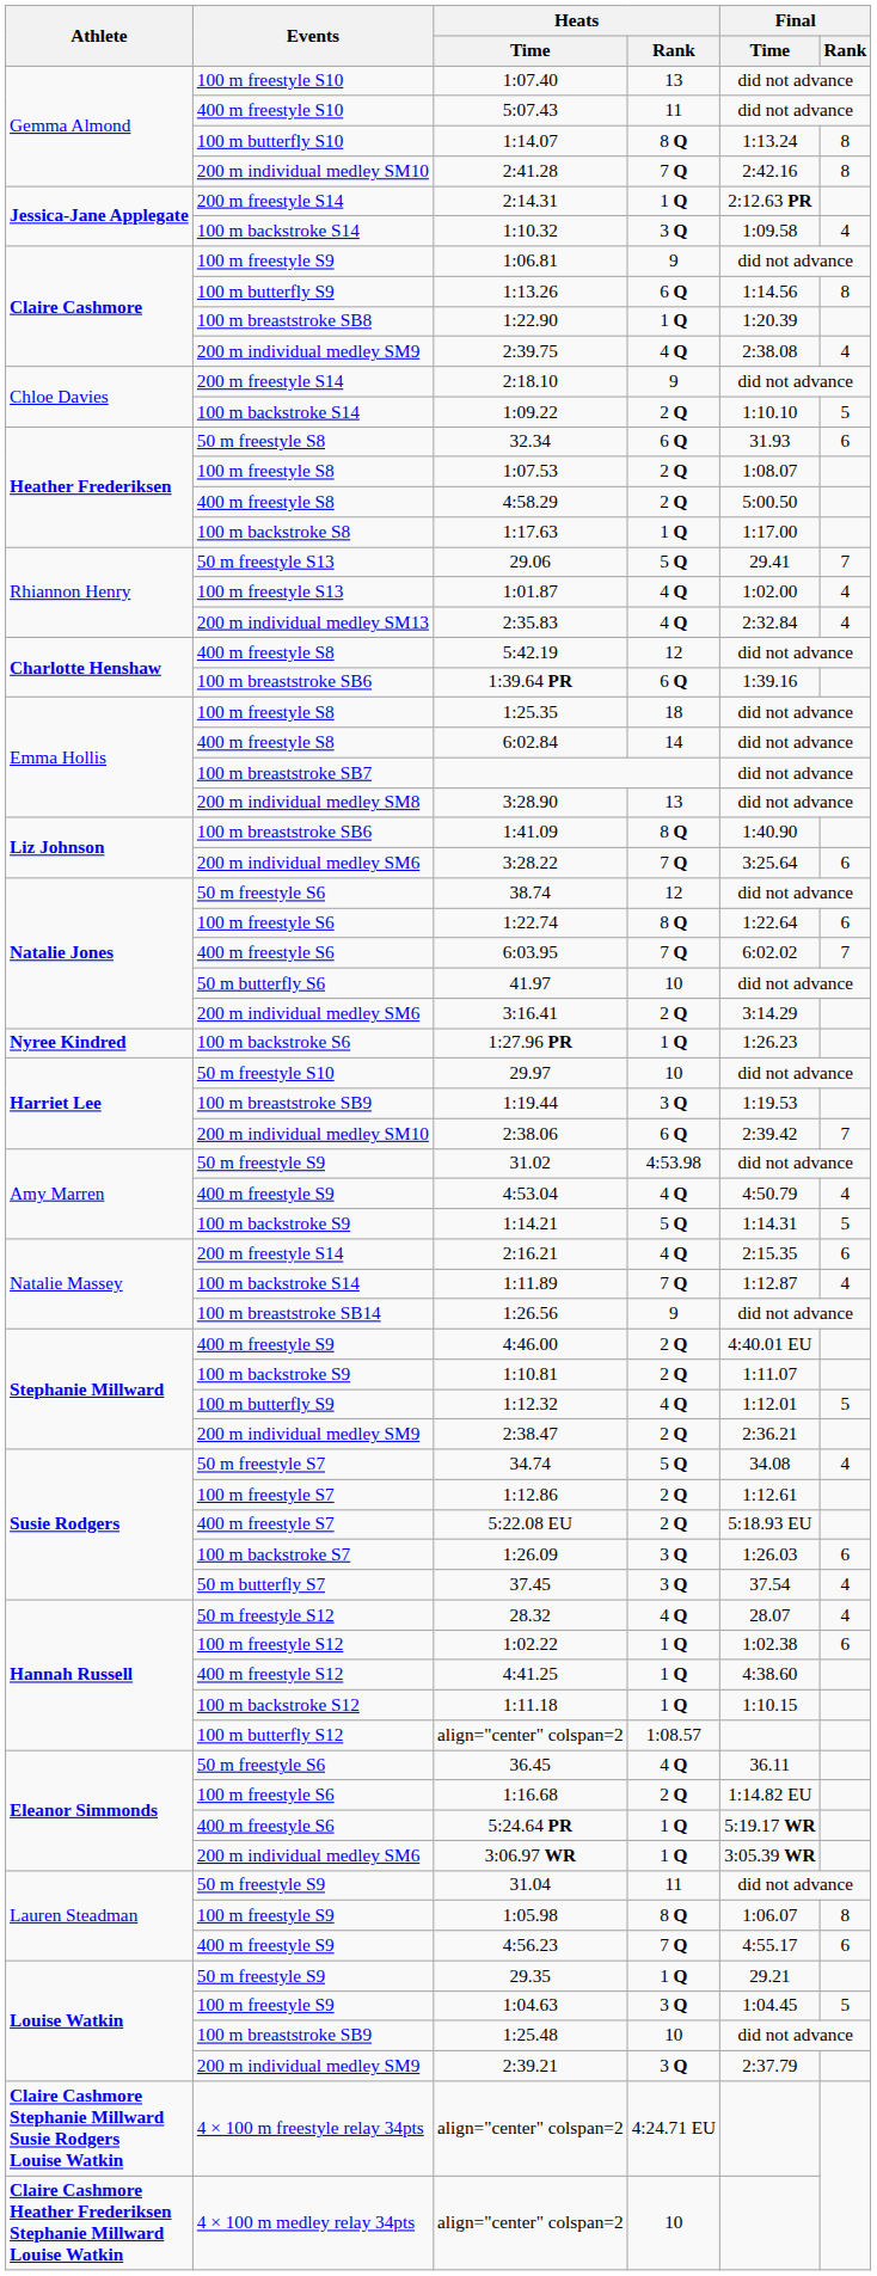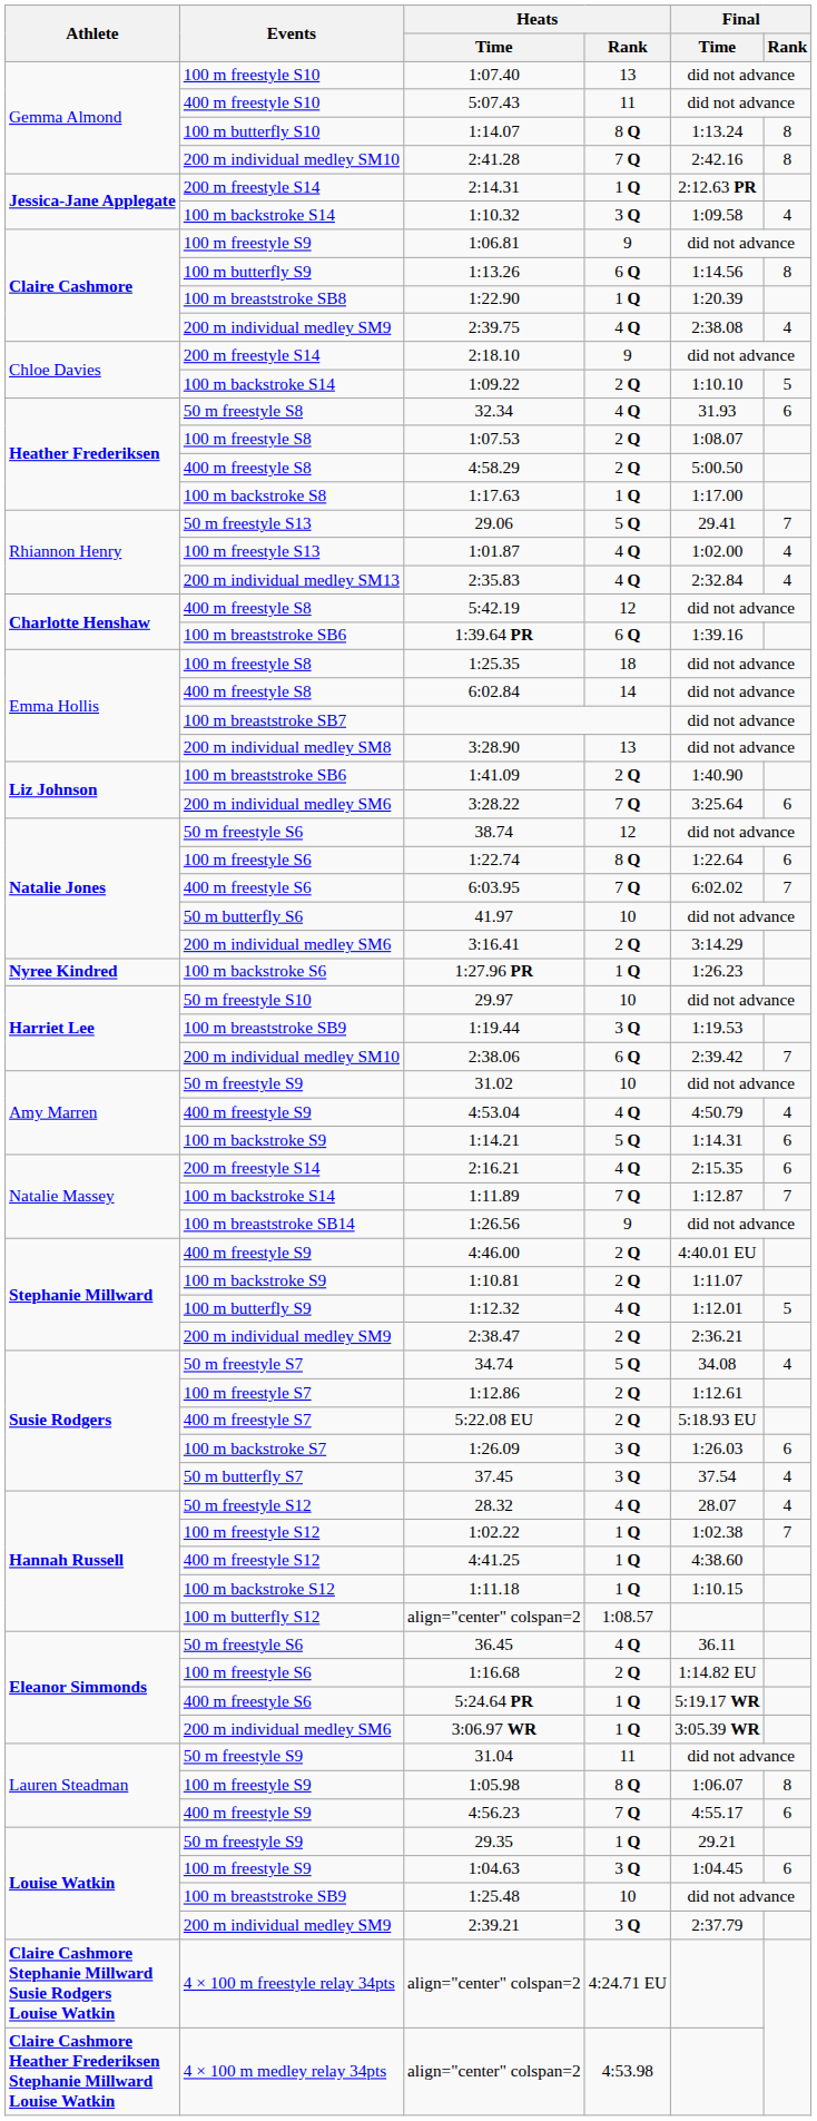 <table class=wikitable style="font-size:90%">
 <tr>
 <th rowspan="2">Athlete</th>
 <th rowspan="2">Events</th>
 <th colspan="2">Heats</th>
 <th colspan="2">Final</th>
 </tr>
 <tr>
 <th>Time</th>
 <th>Rank</th>
 <th>Time</th>
 <th>Rank</th>
 </tr>
 <tr>
 <td rowspan="4"><a href='#'>Gemma Almond</a></td>
 <td><a href='#'>100 m freestyle S10</a></td>
 <td align="center">1:07.40</td>
 <td align="center">13</td>
 <td align="center" colspan=2>did not advance</td>
 </tr>
 <tr>
 <td><a href='#'>400 m freestyle S10</a></td>
 <td align="center">5:07.43</td>
 <td align="center">11</td>
 <td align="center" colspan=2>did not advance</td>
 </tr>
 <tr>
 <td><a href='#'>100 m butterfly S10</a></td>
 <td align="center">1:14.07</td>
 <td align="center">8 <strong>Q</strong></td>
 <td align="center">1:13.24</td>
 <td align="center">8</td>
 </tr>
 <tr>
 <td><a href='#'>200 m individual medley SM10</a></td>
 <td align="center">2:41.28</td>
 <td align="center">7 <strong>Q</strong></td>
 <td align="center">2:42.16</td>
 <td align="center">8</td>
 </tr>
 <tr>
 <td rowspan="2"><strong><a href='#'>Jessica-Jane Applegate</a></strong></td>
 <td><a href='#'>200 m freestyle S14</a></td>
 <td align="center">2:14.31</td>
 <td align="center">1 <strong>Q</strong></td>
 <td align="center">2:12.63 <strong>PR</strong></td>
 <td align="center"></td>
 </tr>
 <tr>
 <td><a href='#'>100 m backstroke S14</a></td>
 <td align="center">1:10.32</td>
 <td align="center">3 <strong>Q</strong></td>
 <td align="center">1:09.58</td>
 <td align="center">4</td>
 </tr>
 <tr>
 <td rowspan="4"><strong><a href='#'>Claire Cashmore</a></strong></td>
 <td><a href='#'>100 m freestyle S9</a></td>
 <td align="center">1:06.81</td>
 <td align="center">9</td>
 <td align="center" colspan=2>did not advance</td>
 </tr>
 <tr>
 <td><a href='#'>100 m butterfly S9</a></td>
 <td align="center">1:13.26</td>
 <td align="center">6 <strong>Q</strong></td>
 <td align="center">1:14.56</td>
 <td align="center">8</td>
 </tr>
 <tr>
 <td><a href='#'>100 m breaststroke SB8</a></td>
 <td align="center">1:22.90</td>
 <td align="center">1 <strong>Q</strong></td>
 <td align="center">1:20.39</td>
 <td align="center"></td>
 </tr>
 <tr>
 <td><a href='#'>200 m individual medley SM9</a></td>
 <td align="center">2:39.75</td>
 <td align="center">4 <strong>Q</strong></td>
 <td align="center">2:38.08</td>
 <td align="center">4</td>
 </tr>
 <tr>
 <td rowspan="2"><a href='#'>Chloe Davies</a></td>
 <td><a href='#'>200 m freestyle S14</a></td>
 <td align="center">2:18.10</td>
 <td align="center">9</td>
 <td align="center" colspan=2>did not advance</td>
 </tr>
 <tr>
 <td><a href='#'>100 m backstroke S14</a></td>
 <td align="center">1:09.22</td>
 <td align="center">2 <strong>Q</strong></td>
 <td align="center">1:10.10</td>
 <td align="center">5</td>
 </tr>
 <tr>
 <td rowspan="4"><strong><a href='#'>Heather Frederiksen</a></strong></td>
 <td><a href='#'>50 m freestyle S8</a></td>
 <td align="center">32.34</td>
-<td align="center">6 <strong>Q</strong></td>
+<td align="center">4 <strong>Q</strong></td>
 <td align="center">31.93</td>
 <td align="center">6</td>
 </tr>
 <tr>
 <td><a href='#'>100 m freestyle S8</a></td>
 <td align="center">1:07.53</td>
 <td align="center">2 <strong>Q</strong></td>
 <td align="center">1:08.07</td>
 <td align="center"></td>
 </tr>
 <tr>
 <td><a href='#'>400 m freestyle S8</a></td>
 <td align="center">4:58.29</td>
 <td align="center">2 <strong>Q</strong></td>
 <td align="center">5:00.50</td>
 <td align="center"></td>
 </tr>
 <tr>
 <td><a href='#'>100 m backstroke S8</a></td>
 <td align="center">1:17.63</td>
 <td align="center">1 <strong>Q</strong></td>
 <td align="center">1:17.00</td>
 <td align="center"></td>
 </tr>
 <tr>
 <td rowspan="3"><a href='#'>Rhiannon Henry</a></td>
 <td><a href='#'>50 m freestyle S13</a></td>
 <td align="center">29.06</td>
 <td align="center">5 <strong>Q</strong></td>
 <td align="center">29.41</td>
 <td align="center">7</td>
 </tr>
 <tr>
 <td><a href='#'>100 m freestyle S13</a></td>
 <td align="center">1:01.87</td>
 <td align="center">4 <strong>Q</strong></td>
 <td align="center">1:02.00</td>
 <td align="center">4</td>
 </tr>
 <tr>
 <td><a href='#'>200 m individual medley SM13</a></td>
 <td align="center">2:35.83</td>
 <td align="center">4 <strong>Q</strong></td>
 <td align="center">2:32.84</td>
 <td align="center">4</td>
 </tr>
 <tr>
 <td rowspan="2"><strong><a href='#'>Charlotte Henshaw</a></strong></td>
 <td><a href='#'>400 m freestyle S8</a></td>
 <td align="center">5:42.19</td>
 <td align="center">12</td>
 <td align="center" colspan=2>did not advance</td>
 </tr>
 <tr>
 <td><a href='#'>100 m breaststroke SB6</a></td>
 <td align="center">1:39.64 <strong>PR</strong></td>
 <td align="center">6 <strong>Q</strong></td>
 <td align="center">1:39.16</td>
 <td align="center"></td>
 </tr>
 <tr>
 <td rowspan="4"><a href='#'>Emma Hollis</a></td>
 <td><a href='#'>100 m freestyle S8</a></td>
 <td align="center">1:25.35</td>
 <td align="center">18</td>
 <td align="center" colspan=2>did not advance</td>
 </tr>
 <tr>
 <td><a href='#'>400 m freestyle S8</a></td>
 <td align="center">6:02.84</td>
 <td align="center">14</td>
 <td align="center" colspan=2>did not advance</td>
 </tr>
 <tr>
 <td><a href='#'>100 m breaststroke SB7</a></td>
 <td align="center" colspan=2></td>
 <td align="center" colspan=2>did not advance</td>
 </tr>
 <tr>
 <td><a href='#'>200 m individual medley SM8</a></td>
 <td align="center">3:28.90</td>
 <td align="center">13</td>
 <td align="center" colspan=2>did not advance</td>
 </tr>
 <tr>
 <td rowspan="2"><strong><a href='#'>Liz Johnson</a></strong></td>
 <td><a href='#'>100 m breaststroke SB6</a></td>
 <td align="center">1:41.09</td>
-<td align="center">8 <strong>Q</strong></td>
+<td align="center">2 <strong>Q</strong></td>
 <td align="center">1:40.90</td>
 <td align="center"></td>
 </tr>
 <tr>
 <td><a href='#'>200 m individual medley SM6</a></td>
 <td align="center">3:28.22</td>
 <td align="center">7 <strong>Q</strong></td>
 <td align="center">3:25.64</td>
 <td align="center">6</td>
 </tr>
 <tr>
 <td rowspan="5"><strong><a href='#'>Natalie Jones</a></strong></td>
 <td><a href='#'>50 m freestyle S6</a></td>
 <td align="center">38.74</td>
 <td align="center">12</td>
 <td align="center" colspan=2>did not advance</td>
 </tr>
 <tr>
 <td><a href='#'>100 m freestyle S6</a></td>
 <td align="center">1:22.74</td>
 <td align="center">8 <strong>Q</strong></td>
 <td align="center">1:22.64</td>
 <td align="center">6</td>
 </tr>
 <tr>
 <td><a href='#'>400 m freestyle S6</a></td>
 <td align="center">6:03.95</td>
 <td align="center">7 <strong>Q</strong></td>
 <td align="center">6:02.02</td>
 <td align="center">7</td>
 </tr>
 <tr>
 <td><a href='#'>50 m butterfly S6</a></td>
 <td align="center">41.97</td>
 <td align="center">10</td>
 <td align="center" colspan=2>did not advance</td>
 </tr>
 <tr>
 <td><a href='#'>200 m individual medley SM6</a></td>
 <td align="center">3:16.41</td>
 <td align="center">2 <strong>Q</strong></td>
 <td align="center">3:14.29</td>
 <td align="center"></td>
 </tr>
 <tr>
 <td><strong><a href='#'>Nyree Kindred</a></strong></td>
 <td><a href='#'>100 m backstroke S6</a></td>
 <td align="center">1:27.96 <strong>PR</strong></td>
 <td align="center">1 <strong>Q</strong></td>
 <td align="center">1:26.23</td>
 <td align="center"></td>
 </tr>
 <tr>
 <td rowspan="3"><strong><a href='#'>Harriet Lee</a></strong></td>
 <td><a href='#'>50 m freestyle S10</a></td>
 <td align="center">29.97</td>
 <td align="center">10</td>
 <td align="center" colspan=2>did not advance</td>
 </tr>
 <tr>
 <td><a href='#'>100 m breaststroke SB9</a></td>
 <td align="center">1:19.44</td>
 <td align="center">3 <strong>Q</strong></td>
 <td align="center">1:19.53</td>
 <td align="center"></td>
 </tr>
 <tr>
 <td><a href='#'>200 m individual medley SM10</a></td>
 <td align="center">2:38.06</td>
 <td align="center">6 <strong>Q</strong></td>
 <td align="center">2:39.42</td>
 <td align="center">7</td>
 </tr>
 <tr>
 <td rowspan="3"><a href='#'>Amy Marren</a></td>
 <td><a href='#'>50 m freestyle S9</a></td>
 <td align="center">31.02</td>
-<td align="center">4:53.98</td>
+<td align="center">10</td>
 <td align="center" colspan=2>did not advance</td>
 </tr>
 <tr>
 <td><a href='#'>400 m freestyle S9</a></td>
 <td align="center">4:53.04</td>
 <td align="center">4 <strong>Q</strong></td>
 <td align="center">4:50.79</td>
 <td align="center">4</td>
 </tr>
 <tr>
 <td><a href='#'>100 m backstroke S9</a></td>
 <td align="center">1:14.21</td>
 <td align="center">5 <strong>Q</strong></td>
 <td align="center">1:14.31</td>
-<td align="center">5</td>
+<td align="center">6</td>
 </tr>
 <tr>
 <td rowspan="3"><a href='#'>Natalie Massey</a></td>
 <td><a href='#'>200 m freestyle S14</a></td>
 <td align="center">2:16.21</td>
 <td align="center">4 <strong>Q</strong></td>
 <td align="center">2:15.35</td>
 <td align="center">6</td>
 </tr>
 <tr>
 <td><a href='#'>100 m backstroke S14</a></td>
 <td align="center">1:11.89</td>
 <td align="center">7 <strong>Q</strong></td>
 <td align="center">1:12.87</td>
-<td align="center">4</td>
+<td align="center">7</td>
 </tr>
 <tr>
 <td><a href='#'>100 m breaststroke SB14</a></td>
 <td align="center">1:26.56</td>
 <td align="center">9</td>
 <td align="center" colspan=2>did not advance</td>
 </tr>
 <tr>
 <td rowspan="4"><strong><a href='#'>Stephanie Millward</a></strong></td>
 <td><a href='#'>400 m freestyle S9</a></td>
 <td align="center">4:46.00</td>
 <td align="center">2 <strong>Q</strong></td>
 <td align="center">4:40.01 EU</td>
 <td align="center"></td>
 </tr>
 <tr>
 <td><a href='#'>100 m backstroke S9</a></td>
 <td align="center">1:10.81</td>
 <td align="center">2 <strong>Q</strong></td>
 <td align="center">1:11.07</td>
 <td align="center"></td>
 </tr>
 <tr>
 <td><a href='#'>100 m butterfly S9</a></td>
 <td align="center">1:12.32</td>
 <td align="center">4 <strong>Q</strong></td>
 <td align="center">1:12.01</td>
 <td align="center">5</td>
 </tr>
 <tr>
 <td><a href='#'>200 m individual medley SM9</a></td>
 <td align="center">2:38.47</td>
 <td align="center">2 <strong>Q</strong></td>
 <td align="center">2:36.21</td>
 <td align="center"></td>
 </tr>
 <tr>
 <td rowspan="5"><strong><a href='#'>Susie Rodgers</a></strong></td>
 <td><a href='#'>50 m freestyle S7</a></td>
 <td align="center">34.74</td>
 <td align="center">5 <strong>Q</strong></td>
 <td align="center">34.08</td>
 <td align="center">4</td>
 </tr>
 <tr>
 <td><a href='#'>100 m freestyle S7</a></td>
 <td align="center">1:12.86</td>
 <td align="center">2 <strong>Q</strong></td>
 <td align="center">1:12.61</td>
 <td align="center"></td>
 </tr>
 <tr>
 <td><a href='#'>400 m freestyle S7</a></td>
 <td align="center">5:22.08 EU</td>
 <td align="center">2 <strong>Q</strong></td>
 <td align="center">5:18.93 EU</td>
 <td align="center"></td>
 </tr>
 <tr>
 <td><a href='#'>100 m backstroke S7</a></td>
 <td align="center">1:26.09</td>
 <td align="center">3 <strong>Q</strong></td>
 <td align="center">1:26.03</td>
 <td align="center">6</td>
 </tr>
 <tr>
 <td><a href='#'>50 m butterfly S7</a></td>
 <td align="center">37.45</td>
 <td align="center">3 <strong>Q</strong></td>
 <td align="center">37.54</td>
 <td align="center">4</td>
 </tr>
 <tr>
 <td rowspan="5"><strong><a href='#'>Hannah Russell</a></strong></td>
 <td><a href='#'>50 m freestyle S12</a></td>
 <td align="center">28.32</td>
 <td align="center">4 <strong>Q</strong></td>
 <td align="center">28.07</td>
 <td align="center">4</td>
 </tr>
 <tr>
 <td><a href='#'>100 m freestyle S12</a></td>
 <td align="center">1:02.22</td>
 <td align="center">1 <strong>Q</strong></td>
 <td align="center">1:02.38</td>
-<td align="center">6</td>
+<td align="center">7</td>
 </tr>
 <tr>
 <td><a href='#'>400 m freestyle S12</a></td>
 <td align="center">4:41.25</td>
 <td align="center">1 <strong>Q</strong></td>
 <td align="center">4:38.60</td>
 <td align="center"></td>
 </tr>
 <tr>
 <td><a href='#'>100 m backstroke S12</a></td>
 <td align="center">1:11.18</td>
 <td align="center">1 <strong>Q</strong></td>
 <td align="center">1:10.15</td>
 <td align="center"></td>
 </tr>
 <tr>
 <td><a href='#'>100 m butterfly S12</a></td>
 <td>align="center" colspan=2 </td>
 <td align="center">1:08.57</td>
 <td align="center"></td>
 </tr>
 <tr>
 <td rowspan="4"><strong><a href='#'>Eleanor Simmonds</a></strong></td>
 <td><a href='#'>50 m freestyle S6</a></td>
 <td align="center">36.45</td>
 <td align="center">4 <strong>Q</strong></td>
 <td align="center">36.11</td>
 <td align="center"></td>
 </tr>
 <tr>
 <td><a href='#'>100 m freestyle S6</a></td>
 <td align="center">1:16.68</td>
 <td align="center">2 <strong>Q</strong></td>
 <td align="center">1:14.82 EU</td>
 <td align="center"></td>
 </tr>
 <tr>
 <td><a href='#'>400 m freestyle S6</a></td>
 <td align="center">5:24.64 <strong>PR</strong></td>
 <td align="center">1 <strong>Q</strong></td>
 <td align="center">5:19.17 <strong>WR</strong></td>
 <td align="center"></td>
 </tr>
 <tr>
 <td><a href='#'>200 m individual medley SM6</a></td>
 <td align="center">3:06.97 <strong>WR</strong></td>
 <td align="center">1 <strong>Q</strong></td>
 <td align="center">3:05.39 <strong>WR</strong></td>
 <td align="center"></td>
 </tr>
 <tr>
 <td rowspan="3"><a href='#'>Lauren Steadman</a></td>
 <td><a href='#'>50 m freestyle S9</a></td>
 <td align="center">31.04</td>
 <td align="center">11</td>
 <td align="center" colspan=2>did not advance</td>
 </tr>
 <tr>
 <td><a href='#'>100 m freestyle S9</a></td>
 <td align="center">1:05.98</td>
 <td align="center">8 <strong>Q</strong></td>
 <td align="center">1:06.07</td>
 <td align="center">8</td>
 </tr>
 <tr>
 <td><a href='#'>400 m freestyle S9</a></td>
 <td align="center">4:56.23</td>
 <td align="center">7 <strong>Q</strong></td>
 <td align="center">4:55.17</td>
 <td align="center">6</td>
 </tr>
 <tr>
 <td rowspan="4"><strong><a href='#'>Louise Watkin</a></strong></td>
 <td><a href='#'>50 m freestyle S9</a></td>
 <td align="center">29.35</td>
 <td align="center">1 <strong>Q</strong></td>
 <td align="center">29.21</td>
 <td align="center"></td>
 </tr>
 <tr>
 <td><a href='#'>100 m freestyle S9</a></td>
 <td align="center">1:04.63</td>
 <td align="center">3 <strong>Q</strong></td>
 <td align="center">1:04.45</td>
-<td align="center">5</td>
+<td align="center">6</td>
 </tr>
 <tr>
 <td><a href='#'>100 m breaststroke SB9</a></td>
 <td align="center">1:25.48</td>
 <td align="center">10</td>
 <td align="center" colspan=2>did not advance</td>
 </tr>
 <tr>
 <td><a href='#'>200 m individual medley SM9</a></td>
 <td align="center">2:39.21</td>
 <td align="center">3 <strong>Q</strong></td>
 <td align="center">2:37.79</td>
 <td align="center"></td>
 </tr>
 <tr>
 <td><strong><a href='#'>Claire Cashmore</a><br><a href='#'>Stephanie Millward</a><br><a href='#'>Susie Rodgers</a><br><a href='#'>Louise Watkin</a></strong></td>
 <td><a href='#'>4 × 100 m freestyle relay 34pts</a></td>
 <td>align="center" colspan=2 </td>
 <td align="center">4:24.71 EU</td>
 <td align="center"></td>
 </tr>
 <tr>
 <td><strong><a href='#'>Claire Cashmore</a><br><a href='#'>Heather Frederiksen</a><br><a href='#'>Stephanie Millward</a><br><a href='#'>Louise Watkin</a></strong></td>
 <td><a href='#'>4 × 100 m medley relay 34pts</a></td>
 <td>align="center" colspan=2 </td>
-<td align="center">10</td>
+<td align="center">4:53.98</td>
 <td align="center"></td>
 </tr>
 </table>
